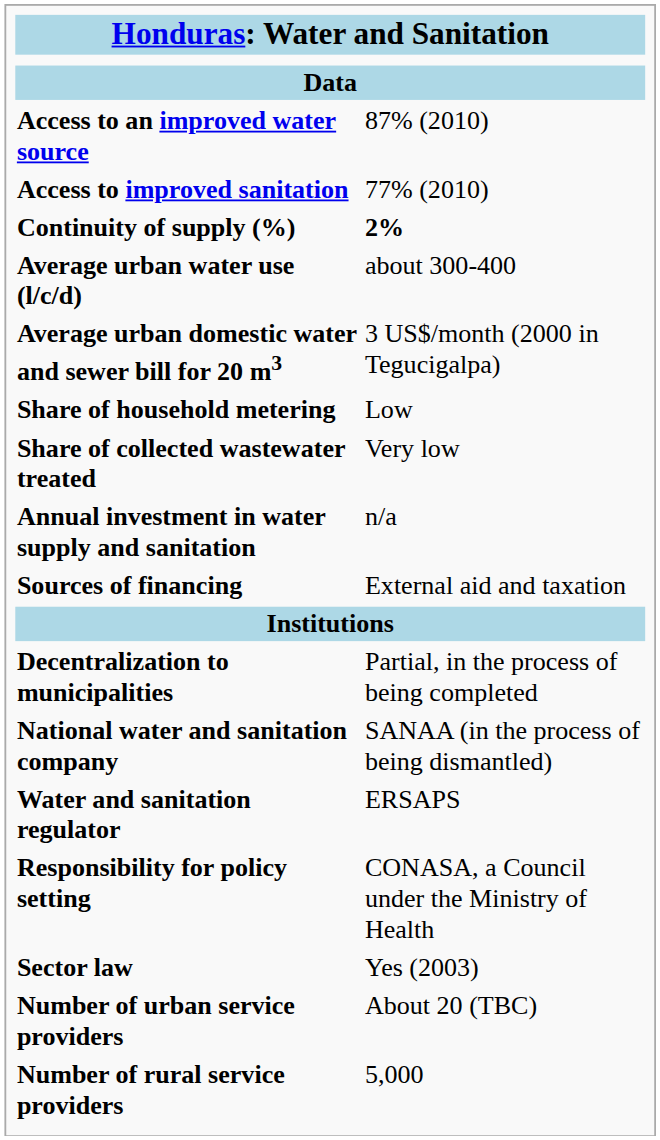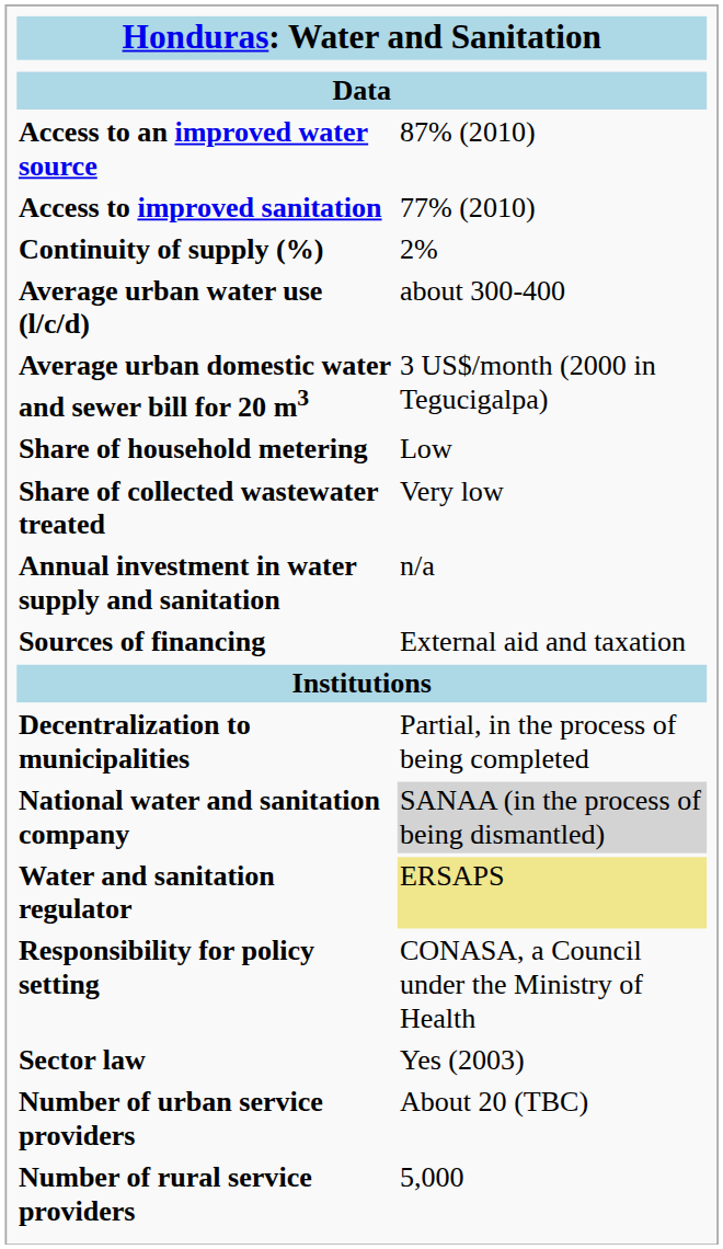 <table style="width: 25em; font-size: 90%; text-align: left;" class="infobox">
 <tr>
 <th align="center" bgcolor="lightblue" colspan="2"><big><a href='#'>Honduras</a>: Water and Sanitation</big></th>
 </tr>
 <tr>
 <td colspan="2" style="text-align:center"></td>
 </tr>
 <tr>
 <th align="center" bgcolor="lightblue" colspan="3">Data</th>
 </tr>
 <tr>
 <th align="left" valign="top">Access to an <a href='#'>improved water source</a></th>
 <td valign="top">87% (2010) </td>
 </tr>
 <tr>
 <th align="left" valign="top">Access to <a href='#'>improved sanitation</a></th>
 <td valign="top">77% (2010) </td>
 </tr>
 <tr>
 <th align="left" valign="top">Continuity of supply (%)</th>
-<td valign="top"><strong>2%</strong></td>
+<td valign="top">2%</td>
 </tr>
 <tr>
 <th align="left" valign="top">Average urban water use (l/c/d)</th>
 <td valign="top">about 300-400</td>
 </tr>
 <tr>
 <th align="left" valign="top">Average urban domestic water and sewer bill for 20 m<sup>3</sup></th>
 <td valign="top">3 US$/month (2000 in Tegucigalpa)</td>
 </tr>
 <tr>
 <th align="left" valign="top">Share of household metering</th>
 <td valign="top">Low</td>
 </tr>
 <tr>
 <th align="left" valign="top">Share of collected wastewater treated</th>
 <td valign="top">Very low</td>
 </tr>
 <tr>
 <th align="left" valign="top">Annual investment in water supply and sanitation</th>
 <td valign="top">n/a</td>
 </tr>
 <tr>
 <th align="left" valign="top">Sources of financing</th>
 <td valign="top">External aid and taxation</td>
 </tr>
 <tr>
 <th align="center" bgcolor="lightblue" colspan="3">Institutions</th>
 </tr>
 <tr>
 <th align="left" valign="top">Decentralization to municipalities</th>
 <td valign="top">Partial, in the process of being completed</td>
 </tr>
 <tr>
 <th align="left" valign="top">National water and sanitation company</th>
-<td valign="top">SANAA (in the process of being dismantled)</td>
+<td valign="top" style="background: lightgrey;">SANAA (in the process of being dismantled)</td>
 </tr>
 <tr>
 <th align="left" valign="top">Water and sanitation regulator</th>
-<td valign="top">ERSAPS</td>
+<td valign="top" style="background: khaki;">ERSAPS</td>
 </tr>
 <tr>
 <th align="left" valign="top">Responsibility for policy setting</th>
 <td valign="top">CONASA, a Council under the Ministry of Health</td>
 </tr>
 <tr>
 <th align="left" valign="top">Sector law</th>
 <td valign="top">Yes (2003)</td>
 </tr>
 <tr>
 <th align="left" valign="top">Number of urban service providers</th>
 <td valign="top">About 20 (TBC)</td>
 </tr>
 <tr>
 <th align="left" valign="top">Number of rural service providers</th>
 <td valign="top">5,000</td>
 </tr>
 <tr>
 </tr>
 </table>
